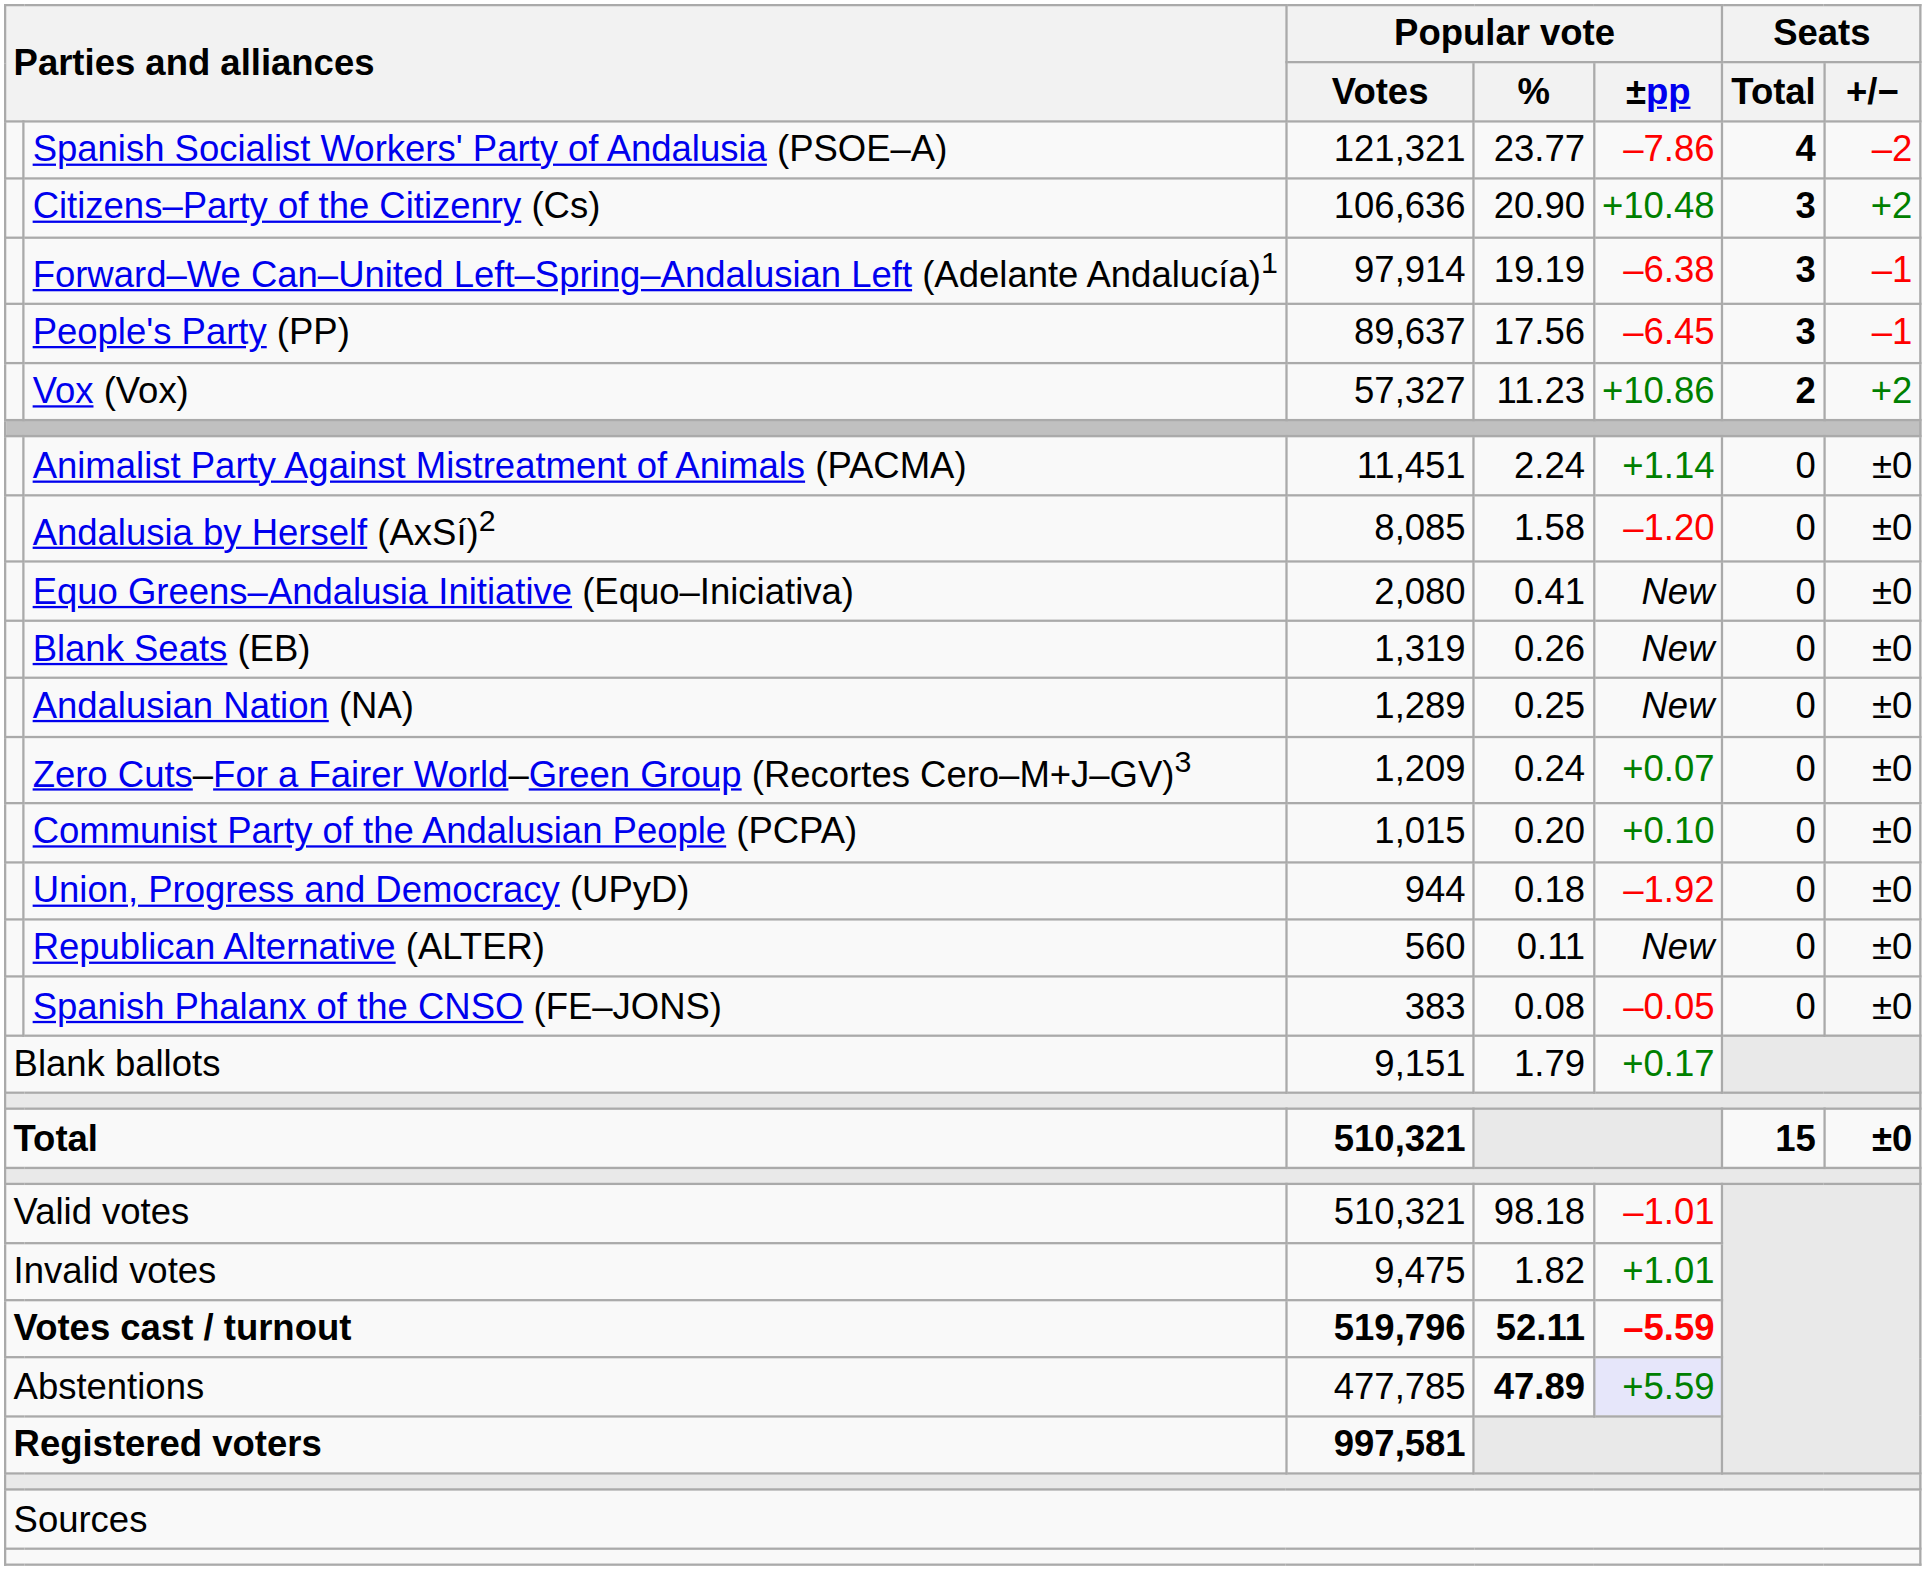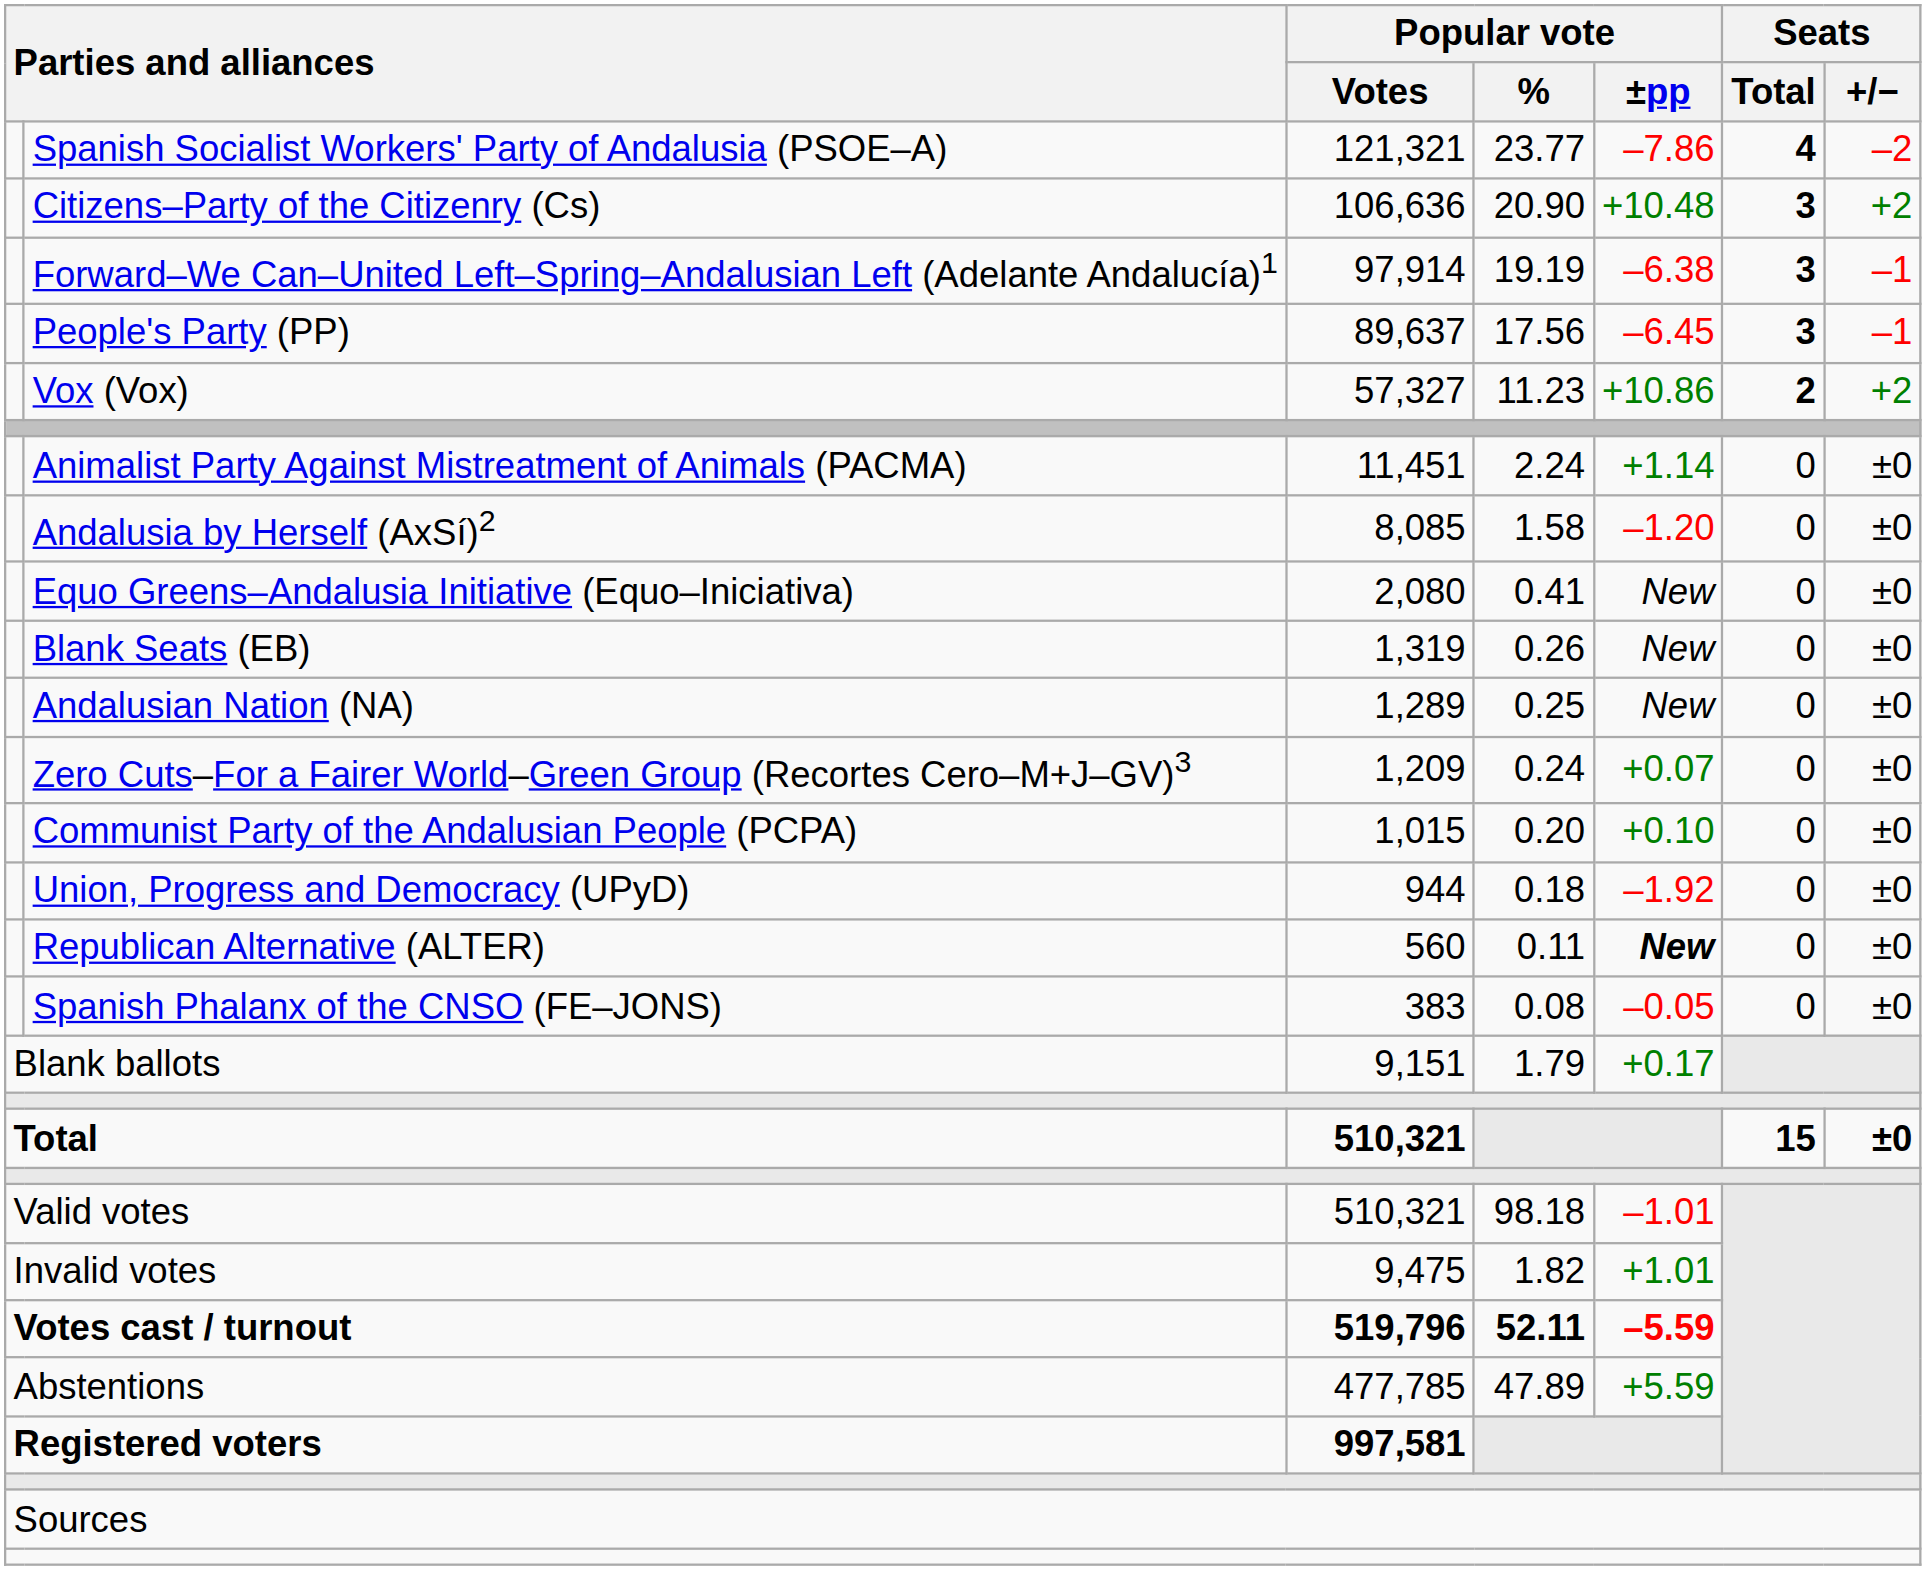 <table class="wikitable" style="text-align:right;">
 <tr>
 <th style="text-align:left;" rowspan="2" colspan="2" width="525">Parties and alliances</th>
 <th colspan="3">Popular vote</th>
 <th colspan="2">Seats</th>
 </tr>
 <tr>
 <th width="75">Votes</th>
 <th width="45">%</th>
 <th width="45">±<a href='#'>pp</a></th>
 <th width="35">Total</th>
 <th width="35">+/−</th>
 </tr>
 <tr>
 <td width="1" style="color:inherit;background:"></td>
 <td align="left"><a href='#'>Spanish Socialist Workers' Party of Andalusia</a> (PSOE–A)</td>
 <td>121,321</td>
 <td>23.77</td>
 <td style="color:red;">–7.86</td>
 <td><strong>4</strong></td>
 <td style="color:red;">–2</td>
 </tr>
 <tr>
 <td style="color:inherit;background:"></td>
 <td align="left"><a href='#'>Citizens–Party of the Citizenry</a> (Cs)</td>
 <td>106,636</td>
 <td>20.90</td>
 <td style="color:green;">+10.48</td>
 <td><strong>3</strong></td>
 <td style="color:green;">+2</td>
 </tr>
 <tr>
 <td style="color:inherit;background:"></td>
 <td align="left"><a href='#'>Forward–We Can–United Left–Spring–Andalusian Left</a> (Adelante Andalucía)<sup>1</sup></td>
 <td>97,914</td>
 <td>19.19</td>
 <td style="color:red;">–6.38</td>
 <td><strong>3</strong></td>
 <td style="color:red;">–1</td>
 </tr>
 <tr>
 <td style="color:inherit;background:"></td>
 <td align="left"><a href='#'>People's Party</a> (PP)</td>
 <td>89,637</td>
 <td>17.56</td>
 <td style="color:red;">–6.45</td>
 <td><strong>3</strong></td>
 <td style="color:red;">–1</td>
 </tr>
 <tr>
 <td style="color:inherit;background:"></td>
 <td align="left"><a href='#'>Vox</a> (Vox)</td>
 <td>57,327</td>
 <td>11.23</td>
 <td style="color:green;">+10.86</td>
 <td><strong>2</strong></td>
 <td style="color:green;">+2</td>
 </tr>
 <tr>
 <td colspan="7" bgcolor="#C0C0C0"></td>
 </tr>
 <tr>
 <td style="color:inherit;background:"></td>
 <td align="left"><a href='#'>Animalist Party Against Mistreatment of Animals</a> (PACMA)</td>
 <td>11,451</td>
 <td>2.24</td>
 <td style="color:green;">+1.14</td>
 <td>0</td>
 <td>±0</td>
 </tr>
 <tr>
 <td style="color:inherit;background:"></td>
 <td align="left"><a href='#'>Andalusia by Herself</a> (AxSí)<sup>2</sup></td>
 <td>8,085</td>
 <td>1.58</td>
 <td style="color:red;">–1.20</td>
 <td>0</td>
 <td>±0</td>
 </tr>
 <tr>
 <td style="color:inherit;background:"></td>
 <td align="left"><a href='#'>Equo Greens–Andalusia Initiative</a> (Equo–Iniciativa)</td>
 <td>2,080</td>
 <td>0.41</td>
 <td><em>New</em></td>
 <td>0</td>
 <td>±0</td>
 </tr>
 <tr>
 <td style="color:inherit;background:"></td>
 <td align="left"><a href='#'>Blank Seats</a> (EB)</td>
 <td>1,319</td>
 <td>0.26</td>
 <td><em>New</em></td>
 <td>0</td>
 <td>±0</td>
 </tr>
 <tr>
 <td style="color:inherit;background:"></td>
 <td align="left"><a href='#'>Andalusian Nation</a> (NA)</td>
 <td>1,289</td>
 <td>0.25</td>
 <td><em>New</em></td>
 <td>0</td>
 <td>±0</td>
 </tr>
 <tr>
 <td style="color:inherit;background:"></td>
 <td align="left"><a href='#'>Zero Cuts</a>–<a href='#'>For a Fairer World</a>–<a href='#'>Green Group</a> (Recortes Cero–M+J–GV)<sup>3</sup></td>
 <td>1,209</td>
 <td>0.24</td>
 <td style="color:green;">+0.07</td>
 <td>0</td>
 <td>±0</td>
 </tr>
 <tr>
 <td style="color:inherit;background:"></td>
 <td align="left"><a href='#'>Communist Party of the Andalusian People</a> (PCPA)</td>
 <td>1,015</td>
 <td>0.20</td>
 <td style="color:green;">+0.10</td>
 <td>0</td>
 <td>±0</td>
 </tr>
 <tr>
 <td style="color:inherit;background:"></td>
 <td align="left"><a href='#'>Union, Progress and Democracy</a> (UPyD)</td>
 <td>944</td>
 <td>0.18</td>
 <td style="color:red;">–1.92</td>
 <td>0</td>
 <td>±0</td>
 </tr>
 <tr>
 <td style="color:inherit;background:"></td>
 <td align="left"><a href='#'>Republican Alternative</a> (ALTER)</td>
 <td>560</td>
 <td>0.11</td>
-<td><em>New</em></td>
+<td><strong><em>New</em></strong></td>
 <td>0</td>
 <td>±0</td>
 </tr>
 <tr>
 <td style="color:inherit;background:"></td>
 <td align="left"><a href='#'>Spanish Phalanx of the CNSO</a> (FE–JONS)</td>
 <td>383</td>
 <td>0.08</td>
 <td style="color:red;">–0.05</td>
 <td>0</td>
 <td>±0</td>
 </tr>
 <tr>
 <td align="left" colspan="2">Blank ballots</td>
 <td>9,151</td>
 <td>1.79</td>
 <td style="color:green;">+0.17</td>
 <td bgcolor="#E9E9E9" colspan="2"></td>
 </tr>
 <tr>
 <td colspan="7" bgcolor="#E9E9E9"></td>
 </tr>
 <tr style="font-weight:bold;">
 <td align="left" colspan="2">Total</td>
 <td>510,321</td>
 <td bgcolor="#E9E9E9" colspan="2"></td>
 <td>15</td>
 <td>±0</td>
 </tr>
 <tr>
 <td colspan="7" bgcolor="#E9E9E9"></td>
 </tr>
 <tr>
 <td align="left" colspan="2">Valid votes</td>
 <td>510,321</td>
 <td>98.18</td>
 <td style="color:red;">–1.01</td>
 <td bgcolor="#E9E9E9" colspan="2" rowspan="5"></td>
 </tr>
 <tr>
 <td align="left" colspan="2">Invalid votes</td>
 <td>9,475</td>
 <td>1.82</td>
 <td style="color:green;">+1.01</td>
 </tr>
 <tr style="font-weight:bold;">
 <td align="left" colspan="2">Votes cast / turnout</td>
 <td>519,796</td>
 <td>52.11</td>
 <td style="color:red;">–5.59</td>
 </tr>
 <tr>
 <td align="left" colspan="2">Abstentions</td>
 <td>477,785</td>
-<td><strong>47.89</strong></td>
-<td style="background: lavender; color:green;">+5.59</td>
+<td>47.89</td>
+<td style="color:green;">+5.59</td>
 </tr>
 <tr style="font-weight:bold;">
 <td align="left" colspan="2">Registered voters</td>
 <td>997,581</td>
 <td bgcolor="#E9E9E9" colspan="2"></td>
 </tr>
 <tr>
 <td colspan="7" bgcolor="#E9E9E9"></td>
 </tr>
 <tr>
 <td align="left" colspan="7">Sources</td>
 </tr>
 <tr>
 <td colspan="7" style="text-align:left; max-width:790px;"></td>
 </tr>
 </table>
